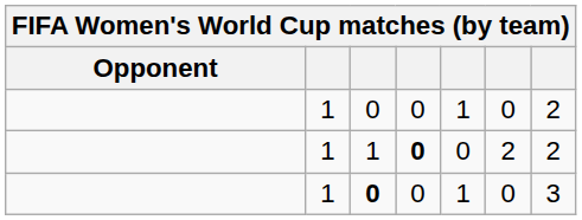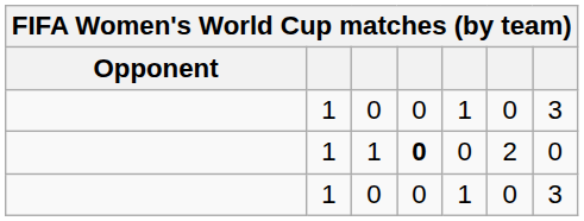 <table class="wikitable sortable" style="text-align: center;">
 <tr>
 <th colspan=7>FIFA Women's World Cup matches (by team)</th>
 </tr>
 <tr>
 <th>Opponent</th>
 <th style="width:20px;"></th>
 <th style="width:20px;"></th>
 <th style="width:20px;"></th>
 <th style="width:20px;"></th>
 <th style="width:20px;"></th>
 <th style="width:20px;"></th>
 </tr>
 <tr>
 <td align="left"></td>
 <td>1</td>
 <td>0</td>
 <td>0</td>
 <td>1</td>
 <td>0</td>
-<td>2</td>
+<td>3</td>
 </tr>
 <tr>
 <td align="left"></td>
 <td>1</td>
 <td>1</td>
 <td><strong>0</strong></td>
 <td>0</td>
 <td>2</td>
-<td>2</td>
+<td>0</td>
 </tr>
 <tr>
 <td align="left"></td>
 <td>1</td>
-<td><strong>0</strong></td>
+<td>0</td>
 <td>0</td>
 <td>1</td>
 <td>0</td>
 <td>3</td>
 </tr>
 </table>
